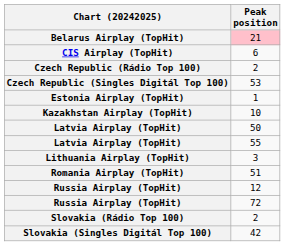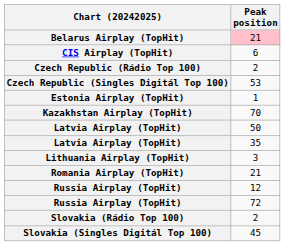 <table class="wikitable plainrowheaders sortable" style="text-align:center">
 <tr>
 <th scope="col">Chart (20242025)</th>
 <th scope="col">Peak<br>position</th>
 </tr>
 <tr>
 <th scope="row">Belarus Airplay (TopHit)</th>
 <td style="background: pink;">21</td>
 </tr>
 <tr>
 <th scope="row"><a href='#'>CIS</a> Airplay (TopHit)</th>
 <td>6</td>
 </tr>
 <tr>
 <th scope="row">Czech Republic (Rádio Top 100)</th>
 <td>2</td>
 </tr>
 <tr>
 <th scope="row">Czech Republic (Singles Digitál Top 100)</th>
 <td>53</td>
 </tr>
 <tr>
 <th scope="row">Estonia Airplay (TopHit)</th>
 <td>1</td>
 </tr>
 <tr>
 <th scope="row">Kazakhstan Airplay (TopHit)</th>
-<td>10</td>
+<td>70</td>
 </tr>
 <tr>
 <th scope="row">Latvia Airplay (TopHit)<br></th>
 <td>50</td>
 </tr>
 <tr>
 <th scope="row">Latvia Airplay (TopHit)<br></th>
-<td>55</td>
+<td>35</td>
 </tr>
 <tr>
 <th scope="row">Lithuania Airplay (TopHit)</th>
 <td>3</td>
 </tr>
 <tr>
 <th scope="row">Romania Airplay (TopHit)</th>
-<td>51</td>
+<td>21</td>
 </tr>
 <tr>
 <th scope="row">Russia Airplay (TopHit)</th>
 <td>12</td>
 </tr>
 <tr>
 <th scope="row">Russia Airplay (TopHit)<br></th>
 <td>72</td>
 </tr>
 <tr>
 <th scope="row">Slovakia (Rádio Top 100)</th>
 <td>2</td>
 </tr>
 <tr>
 <th scope="row">Slovakia (Singles Digitál Top 100)</th>
-<td>42</td>
+<td>45</td>
 </tr>
 </table>
